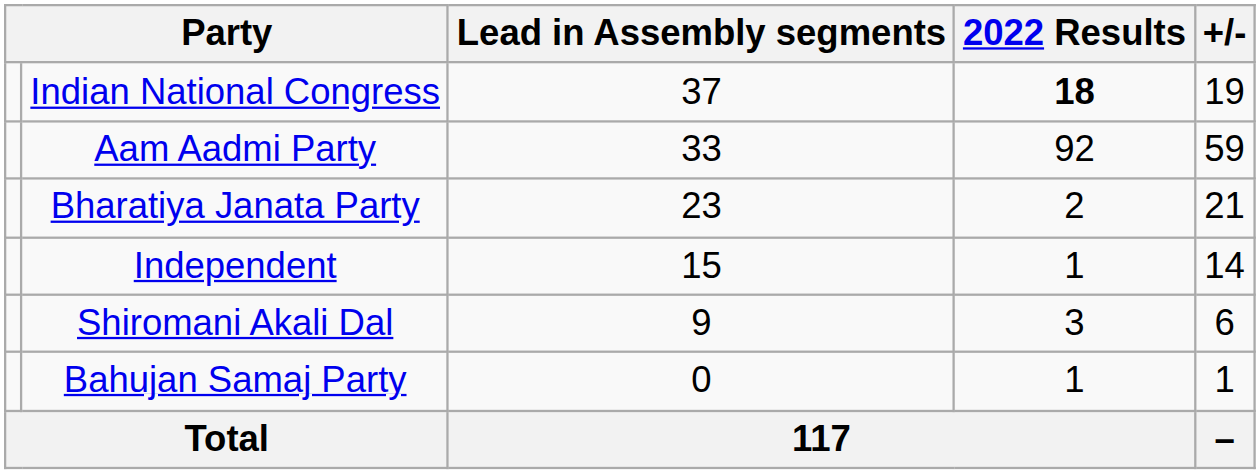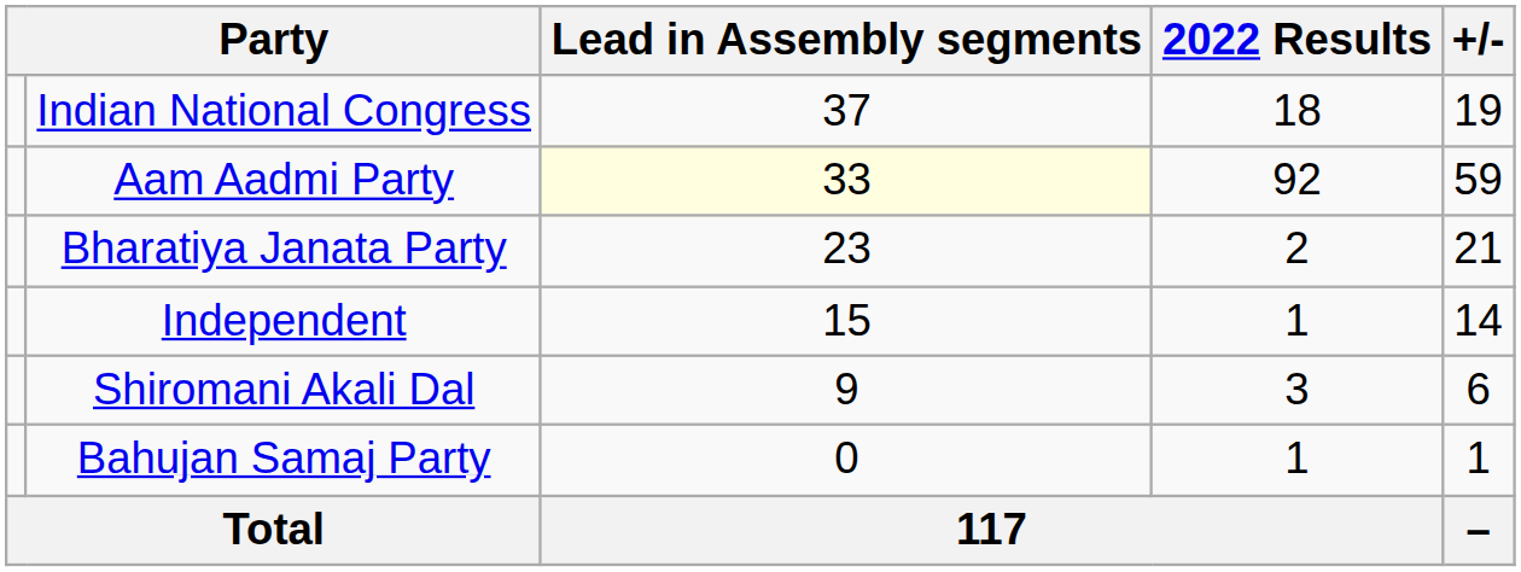 <table class="wikitable" style="text-align:center">
 <tr>
 <th colspan=2>Party</th>
 <th>Lead in Assembly segments</th>
 <th><a href='#'>2022</a> Results</th>
 <th>+/-</th>
 </tr>
 <tr>
 <td></td>
 <td><a href='#'>Indian National Congress</a></td>
 <td>37</td>
-<td><strong>18</strong></td>
+<td>18</td>
 <td> 19</td>
 </tr>
 <tr>
 <td></td>
 <td><a href='#'>Aam Aadmi Party</a></td>
-<td>33</td>
+<td style="background: lightyellow;">33</td>
 <td>92</td>
 <td> 59</td>
 </tr>
 <tr>
 <td></td>
 <td><a href='#'>Bharatiya Janata Party</a></td>
 <td>23</td>
 <td>2</td>
 <td> 21</td>
 </tr>
 <tr>
 <td></td>
 <td><a href='#'>Independent</a></td>
 <td>15</td>
 <td>1</td>
 <td> 14</td>
 </tr>
 <tr>
 <td></td>
 <td><a href='#'>Shiromani Akali Dal</a></td>
 <td>9</td>
 <td>3</td>
 <td> 6</td>
 </tr>
 <tr>
 <td></td>
 <td><a href='#'>Bahujan Samaj Party</a></td>
 <td>0</td>
 <td>1</td>
 <td> 1</td>
 </tr>
 <tr>
 <th colspan=2>Total</th>
 <th colspan=2>117</th>
 <th>–</th>
 </tr>
 </table>
